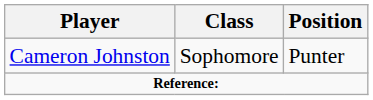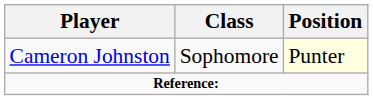 <table class="wikitable">
 <tr>
 <th>Player</th>
 <th>Class</th>
 <th>Position</th>
 </tr>
 <tr>
 <td><a href='#'>Cameron Johnston</a></td>
 <td>Sophomore</td>
-<td>Punter</td>
+<td style="background: lightyellow;">Punter</td>
 </tr>
 <tr>
 <td colspan="3" style="font-size: 8pt" align="center"><strong>Reference:</strong></td>
 </tr>
 </table>
